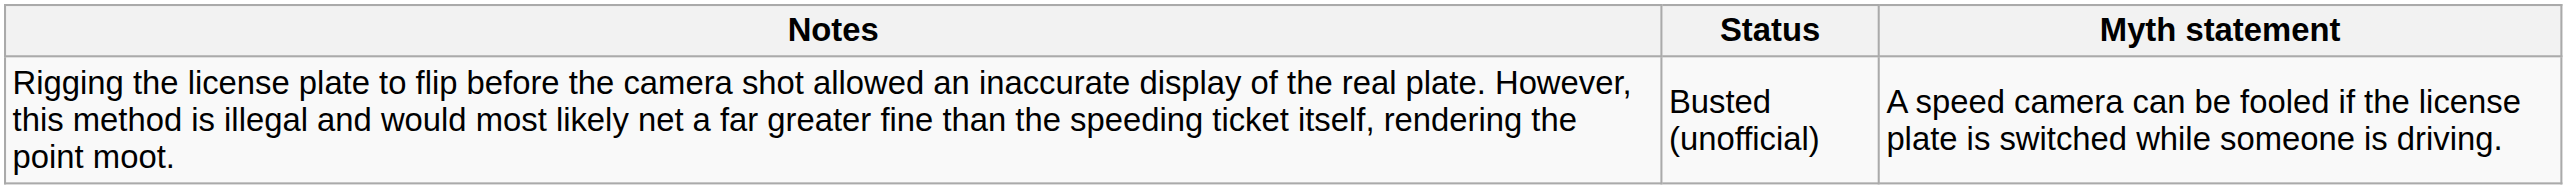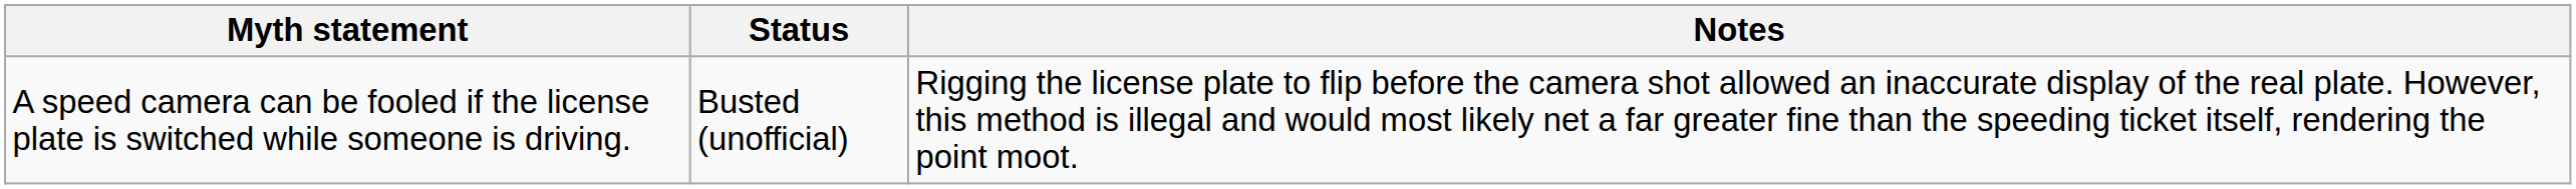 <table class="wikitable plainrowheaders">
 <tr>
+<th>Myth statement</th>
+<th>Status</th>
 <th>Notes</th>
-<th>Status</th>
-<th>Myth statement</th>
 </tr>
 <tr>
+<td>A speed camera can be fooled if the license plate is switched while someone is driving.</td>
+<td><span>Busted</span> (unofficial)</td>
 <td>Rigging the license plate to flip before the camera shot allowed an inaccurate display of the real plate. However, this method is illegal and would most likely net a far greater fine than the speeding ticket itself, rendering the point moot.</td>
-<td><span>Busted</span> (unofficial)</td>
-<td>A speed camera can be fooled if the license plate is switched while someone is driving.</td>
 </tr>
 </table>
